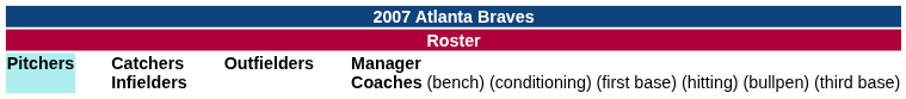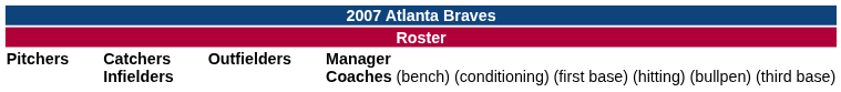 <table class="toccolours" style="font-size: 95%;">
 <tr>
 <th colspan="10" style="background:#0f437c; color:#fff; text-align:center;">2007 Atlanta Braves</th>
 </tr>
 <tr>
 <td colspan="10" style="background:#af0039; color:white; text-align:center;"><strong>Roster</strong></td>
 </tr>
 <tr>
-<td valign="top" style="background: paleturquoise;"><strong>Pitchers</strong><br>                           </td>
+<td valign="top"><strong>Pitchers</strong><br>                           </td>
 <td style="width:25px;"></td>
 <td valign="top"><strong>Catchers</strong><br>     <strong>Infielders</strong>           </td>
 <td style="width:25px;"></td>
 <td valign="top"><strong>Outfielders</strong><br>     </td>
 <td style="width:25px;"></td>
 <td valign="top"><strong>Manager</strong><br> <strong>Coaches</strong>  (bench)  (conditioning)  (first base)   (hitting)  (bullpen)  (third base)</td>
 </tr>
 </table>
